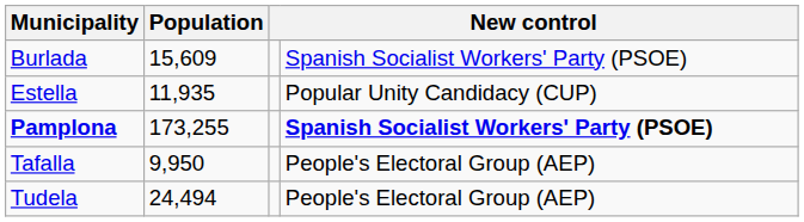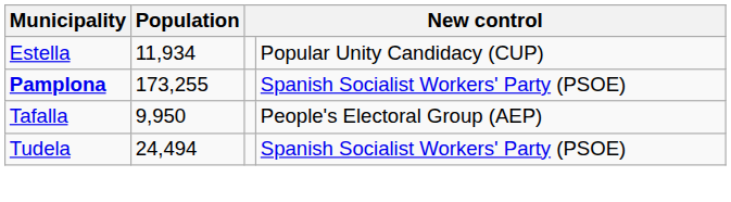 <table class="wikitable sortable">
 <tr>
 <th>Municipality</th>
 <th>Population</th>
 <th colspan="2" style="width:375px;">New control</th>
 </tr>
 <tr>
-<td><a href='#'>Burlada</a></td>
-<td>15,609</td>
-<td width="1" style="color:inherit;background:"></td>
-<td><a href='#'>Spanish Socialist Workers' Party</a> (PSOE)</td>
-</tr>
-<tr>
 <td><a href='#'>Estella</a></td>
-<td>11,935</td>
+<td>11,934</td>
 <td style="color:inherit;background:"></td>
 <td>Popular Unity Candidacy (CUP) </td>
 </tr>
 <tr>
 <td><strong><a href='#'>Pamplona</a></strong></td>
 <td>173,255</td>
 <td style="color:inherit;background:"></td>
-<td><strong><a href='#'>Spanish Socialist Workers' Party</a> (PSOE)</strong></td>
+<td><a href='#'>Spanish Socialist Workers' Party</a> (PSOE)</td>
 </tr>
 <tr>
 <td><a href='#'>Tafalla</a></td>
 <td>9,950</td>
 <td style="color:inherit;background:"></td>
 <td>People's Electoral Group (AEP)</td>
 </tr>
 <tr>
 <td><a href='#'>Tudela</a></td>
 <td>24,494</td>
 <td style="color:inherit;background:"></td>
-<td>People's Electoral Group (AEP)</td>
+<td><a href='#'>Spanish Socialist Workers' Party</a> (PSOE)</td>
 </tr>
 </table>
